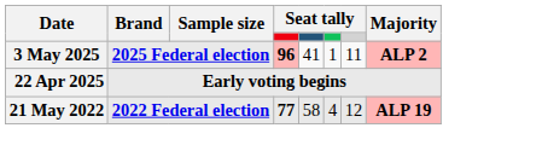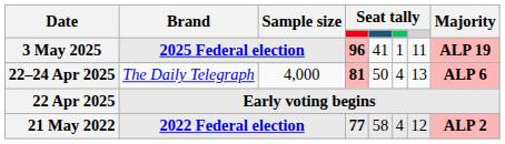 <table class="nowrap wikitable sortable tpl-blanktable" style="text-align:center;font-size:100%">
 <tr>
 <th rowspan="2">Date</th>
 <th rowspan="2">Brand</th>
 <th rowspan="2">Sample size</th>
 <th colspan="4">Seat tally</th>
 <th rowspan="2">Majority</th>
 </tr>
 <tr>
 <th class="unsortable" style="background:#F00011"></th>
 <th class="unsortable" style="background:#225479"></th>
 <th class="unsortable" style="background:#10C25B"></th>
 <th class="unsortable" style="background:lightgray"></th>
 </tr>
 <tr>
 <th>3 May 2025</th>
 <td colspan="2" style="background:#e9e9e9"><strong><a href='#'>2025 Federal election</a></strong></td>
 <td style="background:#FFB6B6"><strong>96</strong></td>
 <td>41</td>
 <td>1</td>
 <td>11</td>
-<td style=background:#FFB6B6><strong>ALP 2</strong></td>
+<td style="background:#FFB6B6"><strong>ALP 19</strong></td>
+</tr>
+<tr>
+<th style=text-align:right>22–24 Apr 2025</th>
+<td style=text-align:left><em><a href='#'>The Daily Telegraph</a></em></td>
+<td>4,000</td>
+<td style="background:#FFB6B6"><strong>81</strong></td>
+<td>50</td>
+<td>4</td>
+<td>13</td>
+<td ! style=background:#FFB6B6><strong>ALP 6</strong></td>
 </tr>
 <tr>
 <th style=text-align:right>22 Apr 2025</th>
 <td colspan="7" style="background:#e9e9e9"><strong>Early voting begins</strong></td>
 </tr>
 <tr>
 <th style=text-align:right>21 May 2022</th>
 <td colspan="2" style="background:#e9e9e9"><strong><a href='#'>2022 Federal election</a></strong></td>
 <td style="background:#e9e9e9;"><strong>77</strong></td>
 <td style="background:#e9e9e9;">58</td>
 <td style="background:#e9e9e9;">4</td>
 <td style="background:#e9e9e9;">12</td>
-<td style="background:#FFB6B6"><strong>ALP 19</strong></td>
+<td style=background:#FFB6B6><strong>ALP 2</strong></td>
 </tr>
 </table>
